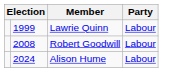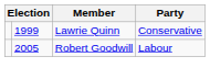 <table class="wikitable">
 <tr>
 <th colspan="2">Election</th>
 <th>Member</th>
 <th>Party</th>
 </tr>
 <tr>
 <td style="color:inherit;background-color: "></td>
 <td><a href='#'>1999</a></td>
 <td><a href='#'>Lawrie Quinn</a></td>
-<td><a href='#'>Labour</a></td>
+<td><a href='#'>Conservative</a></td>
 </tr>
 <tr>
 <td style="color:inherit;background-color: "></td>
-<td><a href='#'>2008</a></td>
+<td><a href='#'>2005</a></td>
 <td><a href='#'>Robert Goodwill</a></td>
 <td><a href='#'>Labour</a></td>
 </tr>
-<tr>
-<td style="color:inherit;background-color: "></td>
-<td><a href='#'>2024</a></td>
-<td><a href='#'>Alison Hume</a></td>
-<td><a href='#'>Labour</a></td>
-</tr>
 </table>
